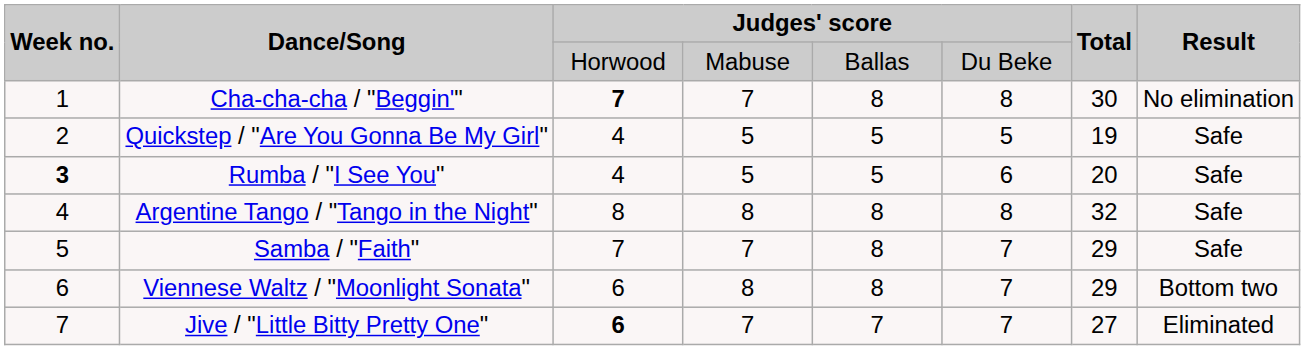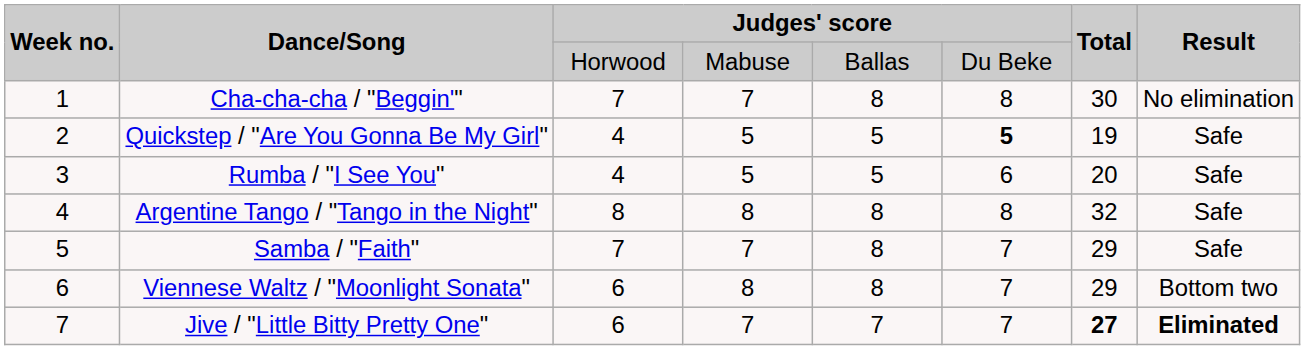 <table class="wikitable collapsible collapsed">
 <tr>
 <th rowspan="2" style="background:#ccc; text-align:Center;">Week no.</th>
 <th rowspan="2" style="background:#ccc; text-align:Center;">Dance/Song</th>
 <th colspan="4" style="background:#ccc; text-align:Center;">Judges' score</th>
 <th rowspan="2" style="background:#ccc; text-align:Center;">Total</th>
 <th rowspan="2" style="background:#ccc; text-align:Center;">Result</th>
 </tr>
 <tr style="text-align:center; background:#ccc;">
 <td style="width:10%; ">Horwood</td>
 <td style="width:10%; ">Mabuse</td>
 <td style="width:10%; ">Ballas</td>
 <td style="width:10%; ">Du Beke</td>
 </tr>
 <tr style="text-align:center; background:#faf6f6">
 <td>1</td>
 <td style="text-align:center; background:#faf6f6;"><a href='#'>Cha-cha-cha</a> / "<a href='#'>Beggin'</a>"</td>
-<td style="text-align:center; background:#faf6f6;"><strong>7</strong></td>
+<td style="text-align:center; background:#faf6f6;">7</td>
 <td style="text-align:center; background:#faf6f6;">7</td>
 <td style="text-align:center; background:#faf6f6;">8</td>
 <td style="text-align:center; background:#faf6f6;">8</td>
 <td style="text-align:center; background:#faf6f6;">30</td>
 <td style="text-align:center; background:#faf6f6;">No elimination</td>
 </tr>
 <tr>
 <td style="text-align:center; background:#faf6f6;">2</td>
 <td style="text-align:center; background:#faf6f6;"><a href='#'>Quickstep</a> / "<a href='#'>Are You Gonna Be My Girl</a>"</td>
 <td style="text-align:center; background:#faf6f6;">4</td>
 <td style="text-align:center; background:#faf6f6;">5</td>
 <td style="text-align:center; background:#faf6f6;">5</td>
-<td style="text-align:center; background:#faf6f6;">5</td>
+<td style="text-align:center; background:#faf6f6;"><strong>5</strong></td>
 <td style="text-align:center; background:#faf6f6;">19</td>
 <td style="text-align:center; background:#faf6f6;">Safe</td>
 </tr>
 <tr>
-<td style="text-align:center; background:#faf6f6;"><strong>3</strong></td>
+<td style="text-align:center; background:#faf6f6;">3</td>
 <td style="text-align:center; background:#faf6f6;"><a href='#'>Rumba</a> / "<a href='#'>I See You</a>"</td>
 <td style="text-align:center; background:#faf6f6;">4</td>
 <td style="text-align:center; background:#faf6f6;">5</td>
 <td style="text-align:center; background:#faf6f6;">5</td>
 <td style="text-align:center; background:#faf6f6;">6</td>
 <td style="text-align:center; background:#faf6f6;">20</td>
 <td style="text-align:center; background:#faf6f6;">Safe</td>
 </tr>
 <tr>
 <td style="text-align:center; background:#faf6f6;">4</td>
 <td style="text-align:center; background:#faf6f6;"><a href='#'>Argentine Tango</a> / "<a href='#'>Tango in the Night</a>"</td>
 <td style="text-align:center; background:#faf6f6;">8</td>
 <td style="text-align:center; background:#faf6f6;">8</td>
 <td style="text-align:center; background:#faf6f6;">8</td>
 <td style="text-align:center; background:#faf6f6;">8</td>
 <td style="text-align:center; background:#faf6f6;">32</td>
 <td style="text-align:center; background:#faf6f6;">Safe</td>
 </tr>
 <tr>
 <td style="text-align:center; background:#faf6f6;">5</td>
 <td style="text-align:center; background:#faf6f6;"><a href='#'>Samba</a> / "<a href='#'>Faith</a>"</td>
 <td style="text-align:center; background:#faf6f6;">7</td>
 <td style="text-align:center; background:#faf6f6;">7</td>
 <td style="text-align:center; background:#faf6f6;">8</td>
 <td style="text-align:center; background:#faf6f6;">7</td>
 <td style="text-align:center; background:#faf6f6;">29</td>
 <td style="text-align:center; background:#faf6f6;">Safe</td>
 </tr>
 <tr>
 <td style="text-align:center; background:#faf6f6;">6</td>
 <td style="text-align:center; background:#faf6f6;"><a href='#'>Viennese Waltz</a> / "<a href='#'>Moonlight Sonata</a>"</td>
 <td style="text-align:center; background:#faf6f6;">6</td>
 <td style="text-align:center; background:#faf6f6;">8</td>
 <td style="text-align:center; background:#faf6f6;">8</td>
 <td style="text-align:center; background:#faf6f6;">7</td>
 <td style="text-align:center; background:#faf6f6;">29</td>
 <td style="text-align:center; background:#faf6f6;">Bottom two</td>
 </tr>
 <tr>
 <td style="text-align:center; background:#faf6f6;">7</td>
 <td style="text-align:center; background:#faf6f6;"><a href='#'>Jive</a> / "<a href='#'>Little Bitty Pretty One</a>"</td>
-<td style="text-align:center; background:#faf6f6;"><strong>6</strong></td>
+<td style="text-align:center; background:#faf6f6;">6</td>
 <td style="text-align:center; background:#faf6f6;">7</td>
 <td style="text-align:center; background:#faf6f6;">7</td>
 <td style="text-align:center; background:#faf6f6;">7</td>
-<td style="text-align:center; background:#faf6f6;">27</td>
-<td style="text-align:center; background:#faf6f6;">Eliminated</td>
+<td style="text-align:center; background:#faf6f6;"><strong>27</strong></td>
+<td style="text-align:center; background:#faf6f6;"><strong>Eliminated</strong></td>
 </tr>
 </table>
